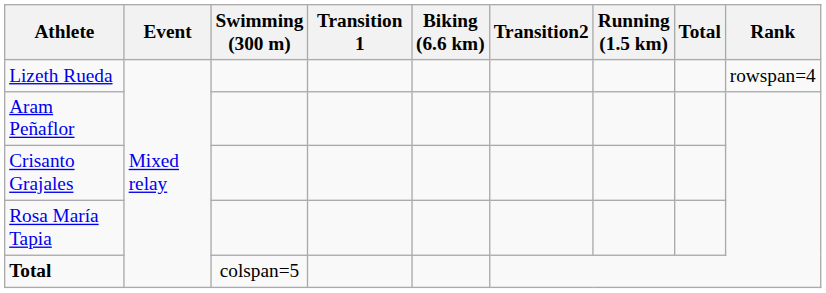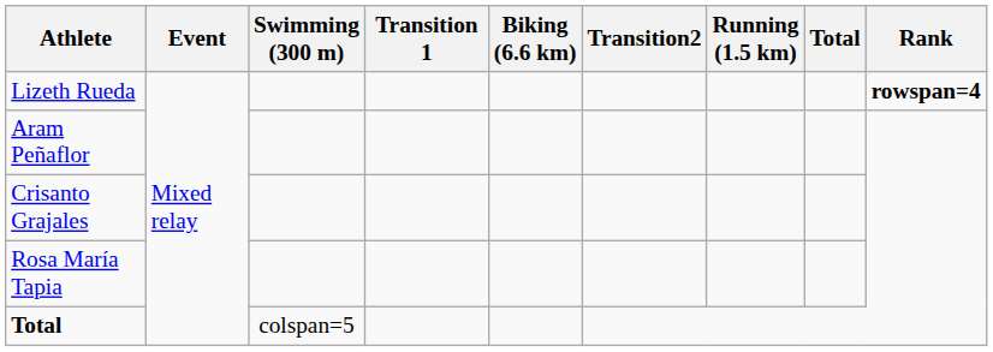 <table class=wikitable style=font-size:90%;text-align:center>
 <tr>
 <th>Athlete</th>
 <th>Event</th>
 <th>Swimming<br><span>(300 m)</span></th>
 <th>Transition 1</th>
 <th>Biking<br><span>(6.6 km)</span></th>
 <th>Transition2</th>
 <th>Running<br><span>(1.5 km)</span></th>
 <th>Total</th>
 <th>Rank</th>
 </tr>
 <tr>
 <td align=left><a href='#'>Lizeth Rueda</a></td>
 <td align=left rowspan=5><a href='#'>Mixed relay</a></td>
 <td></td>
 <td></td>
 <td></td>
 <td></td>
 <td></td>
 <td></td>
-<td>rowspan=4 </td>
+<td><strong>rowspan=4 </strong></td>
 </tr>
 <tr>
 <td align=left><a href='#'>Aram Peñaflor</a></td>
 <td></td>
 <td></td>
 <td></td>
 <td></td>
 <td></td>
 <td></td>
 </tr>
 <tr>
 <td align=left><a href='#'>Crisanto Grajales</a></td>
 <td></td>
 <td></td>
 <td></td>
 <td></td>
 <td></td>
 <td></td>
 </tr>
 <tr>
 <td align=left><a href='#'>Rosa María Tapia</a></td>
 <td></td>
 <td></td>
 <td></td>
 <td></td>
 <td></td>
 <td></td>
 </tr>
 <tr>
 <td align=left><strong>Total</strong></td>
 <td>colspan=5 </td>
 <td></td>
 <td></td>
 </tr>
 </table>
